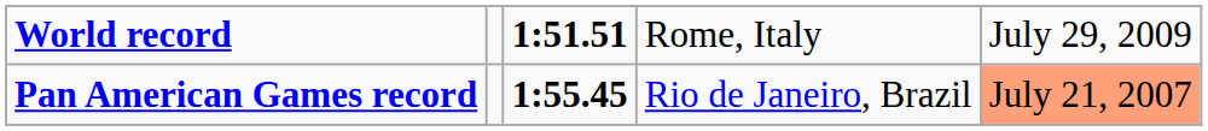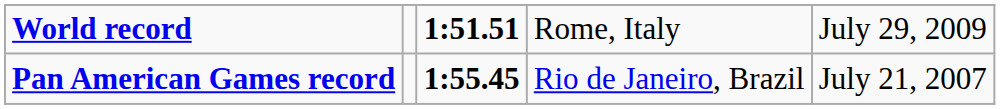 <table class="wikitable">
 <tr>
 <td><strong><a href='#'>World record</a></strong></td>
 <td></td>
 <td><strong>1:51.51</strong></td>
 <td>Rome, Italy</td>
 <td>July 29, 2009</td>
 </tr>
 <tr>
 <td><strong><a href='#'>Pan American Games record</a></strong></td>
 <td></td>
 <td><strong>1:55.45</strong></td>
 <td><a href='#'>Rio de Janeiro</a>, Brazil</td>
-<td style="background: lightsalmon;">July 21, 2007</td>
+<td>July 21, 2007</td>
 </tr>
 </table>
